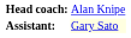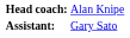 <table>
 <tr>
 <td><strong>Head coach:</strong></td>
 <td><a href='#'>Alan Knipe</a></td>
 </tr>
 <tr>
 <td><strong>Assistant:</strong></td>
-<td style="background: lightyellow;"><a href='#'>Gary Sato</a></td>
+<td><a href='#'>Gary Sato</a></td>
 </tr>
 </table>
